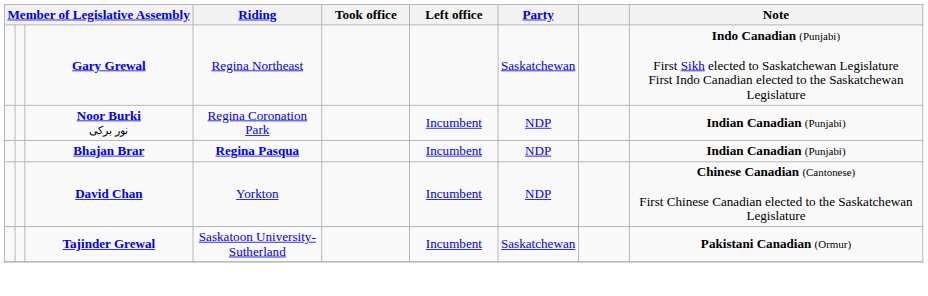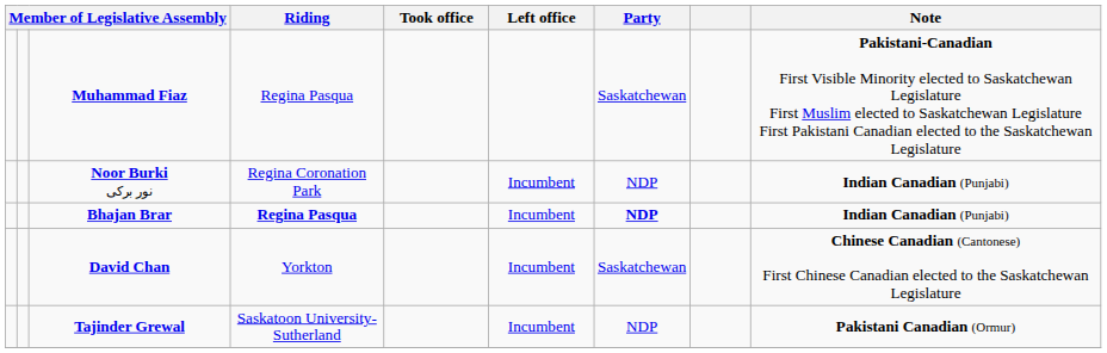 <table class="wikitable sortable plainrowheaders" style="text-align: center;">
 <tr>
 <th colspan="3" class=unsortable><a href='#'>Member of Legislative Assembly</a></th>
 <th scope="col" width=150px><a href='#'>Riding</a></th>
 <th scope="col" width=100px>Took office</th>
 <th scope="col" width=100px>Left office</th>
 <th scope="col" width=70px><a href='#'>Party</a></th>
 <th scope="col" class=unsortable width=55px></th>
 <th scope="col" class=unsortable width=350px>Note</th>
 </tr>
 <tr>
 <td rowspan="1" style="background:"></td>
 <td rowspan="1"></td>
-<td rowspan="1"><strong><a href='#'>Gary Grewal</a></strong></td>
-<td rowspan="1"><a href='#'>Regina Northeast</a></td>
+<td rowspan="1"><strong><a href='#'>Muhammad Fiaz</a></strong><br><small></small></td>
+<td rowspan="1"><a href='#'>Regina Pasqua</a></td>
 <td rowspan="1"></td>
 <td rowspan="1"></td>
 <td rowspan="1"><a href='#'>Saskatchewan</a></td>
 <td rowspan="1"></td>
-<td rowspan="1"><strong>Indo Canadian</strong> <small>(Punjabi)</small><br><br>First <a href='#'>Sikh</a> elected to Saskatchewan Legislature <br> First Indo Canadian elected to the Saskatchewan Legislature</td>
+<td rowspan="1"><strong>Pakistani-Canadian</strong><br><br>First Visible Minority elected to Saskatchewan Legislature <br> First <a href='#'>Muslim</a> elected to Saskatchewan Legislature <br> First Pakistani Canadian elected to the Saskatchewan Legislature</td>
 </tr>
 <tr>
 <td rowspan="1" style="background:"></td>
 <td rowspan="1"></td>
 <td rowspan="1"><strong><a href='#'>Noor Burki</a></strong><br><small>نور برکی</small></td>
 <td rowspan="1"><a href='#'>Regina Coronation Park</a></td>
 <td rowspan="1"></td>
 <td rowspan="1"><a href='#'>Incumbent</a></td>
 <td rowspan="1"><a href='#'>NDP</a></td>
 <td rowspan="1"></td>
 <td rowspan="1"><strong>Indian Canadian</strong> <small>(Punjabi)</small></td>
 </tr>
 <tr>
 <td rowspan="1" style="background:"></td>
 <td rowspan="1"></td>
 <td rowspan="1"><strong><a href='#'>Bhajan Brar</a></strong></td>
 <td rowspan="1"><strong><a href='#'>Regina Pasqua</a></strong></td>
 <td rowspan="1"></td>
 <td rowspan="1"><a href='#'>Incumbent</a></td>
-<td rowspan="1"><a href='#'>NDP</a></td>
+<td rowspan="1"><strong><a href='#'>NDP</a></strong></td>
 <td rowspan="1"></td>
 <td rowspan="1"><strong>Indian Canadian</strong> <small>(Punjabi)</small></td>
 </tr>
 <tr>
 <td rowspan="1" style="background:"></td>
 <td rowspan="1"></td>
 <td rowspan="1"><strong><a href='#'>David Chan</a></strong></td>
 <td rowspan="1"><a href='#'>Yorkton</a></td>
 <td rowspan="1"></td>
 <td rowspan="1"><a href='#'>Incumbent</a></td>
-<td rowspan="1"><a href='#'>NDP</a></td>
+<td rowspan="1"><a href='#'>Saskatchewan</a></td>
 <td rowspan="1"></td>
 <td rowspan="1"><strong>Chinese Canadian</strong> <small>(Cantonese)</small><br><br>First Chinese Canadian elected to the Saskatchewan Legislature</td>
 </tr>
 <tr>
 <td rowspan="1" style="background:"></td>
 <td rowspan="1"></td>
 <td rowspan="1"><strong><a href='#'>Tajinder Grewal</a></strong></td>
 <td rowspan="1"><a href='#'>Saskatoon University-Sutherland</a></td>
 <td rowspan="1"></td>
 <td rowspan="1"><a href='#'>Incumbent</a></td>
-<td rowspan="1"><a href='#'>Saskatchewan</a></td>
+<td rowspan="1"><a href='#'>NDP</a></td>
 <td rowspan="1"></td>
 <td rowspan="1"><strong>Pakistani Canadian</strong> <small>(Ormur)</small></td>
 </tr>
 <tr>
 </tr>
 </table>
